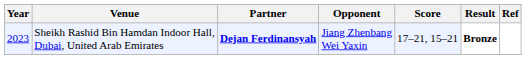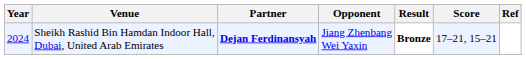 <table class="sortable wikitable" style="font-size: 90%">
 <tr>
 <th>Year</th>
 <th>Venue</th>
 <th>Partner</th>
 <th>Opponent</th>
+<th>Result</th>
 <th>Score</th>
-<th>Result</th>
 <th>Ref</th>
 </tr>
 <tr style="background:#ECF2FF">
-<td align="center"><a href='#'>2023</a></td>
+<td align="center"><a href='#'>2024</a></td>
 <td align="left">Sheikh Rashid Bin Hamdan Indoor Hall,<br><a href='#'>Dubai</a>, United Arab Emirates</td>
 <td align="left"><strong> <a href='#'>Dejan Ferdinansyah</a></strong></td>
 <td align="left"> <a href='#'>Jiang Zhenbang</a><br> <a href='#'>Wei Yaxin</a></td>
+<td style="text-align:left; background:white"> <strong>Bronze</strong></td>
 <td align="left">17–21, 15–21</td>
-<td style="text-align:left; background:white"> <strong>Bronze</strong></td>
 <td style="text-align:center; background:white"></td>
 </tr>
 </table>
